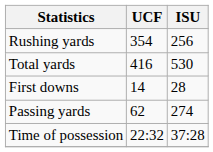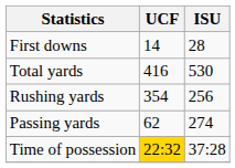 <table class="wikitable" style="float: right;">
 <tr>
 <th>Statistics</th>
 <th>UCF</th>
 <th>ISU</th>
 </tr>
 <tr>
-<td>Rushing yards</td>
-<td>354</td>
-<td>256</td>
+<td>First downs</td>
+<td>14</td>
+<td>28</td>
 </tr>
 <tr>
 <td>Total yards</td>
 <td>416</td>
 <td>530</td>
 </tr>
 <tr>
-<td>First downs</td>
-<td>14</td>
-<td>28</td>
+<td>Rushing yards</td>
+<td>354</td>
+<td>256</td>
 </tr>
 <tr>
 <td>Passing yards</td>
 <td>62</td>
 <td>274</td>
 </tr>
 <tr>
 <td>Time of possession</td>
-<td>22:32</td>
+<td style="background: gold;">22:32</td>
 <td>37:28</td>
 </tr>
 <tr>
 </tr>
 </table>
